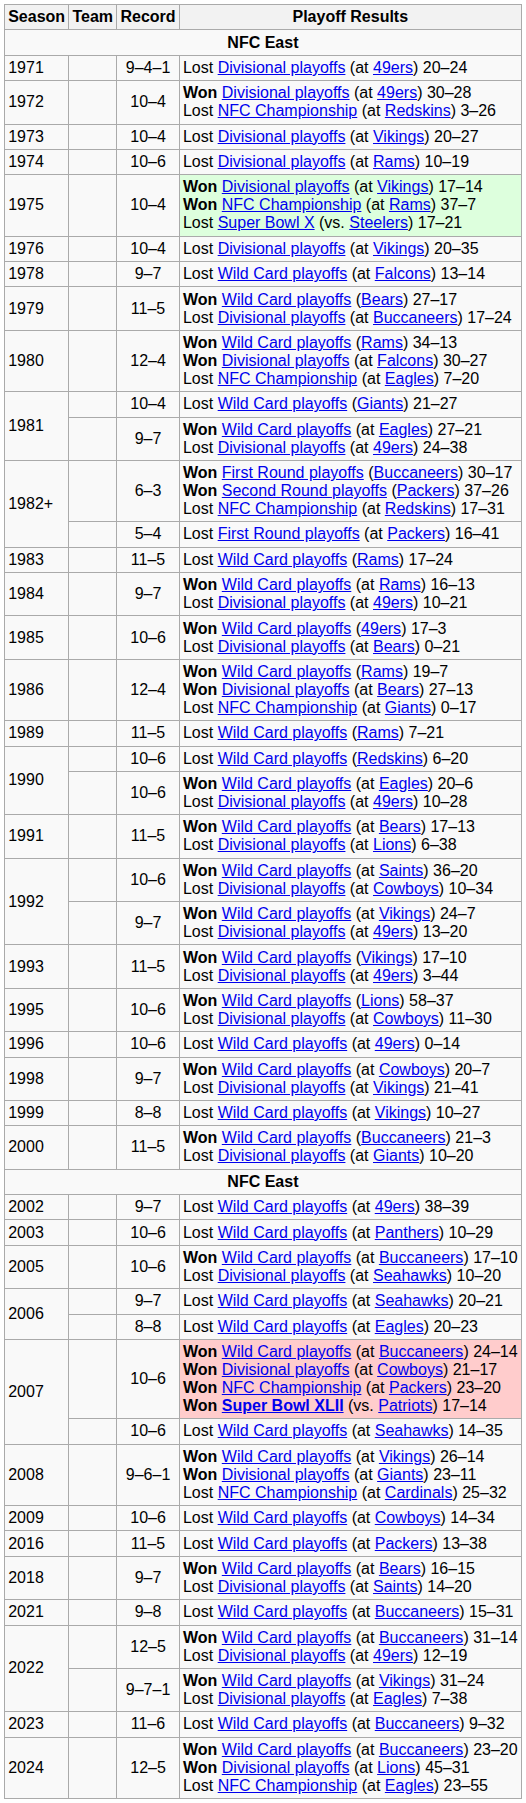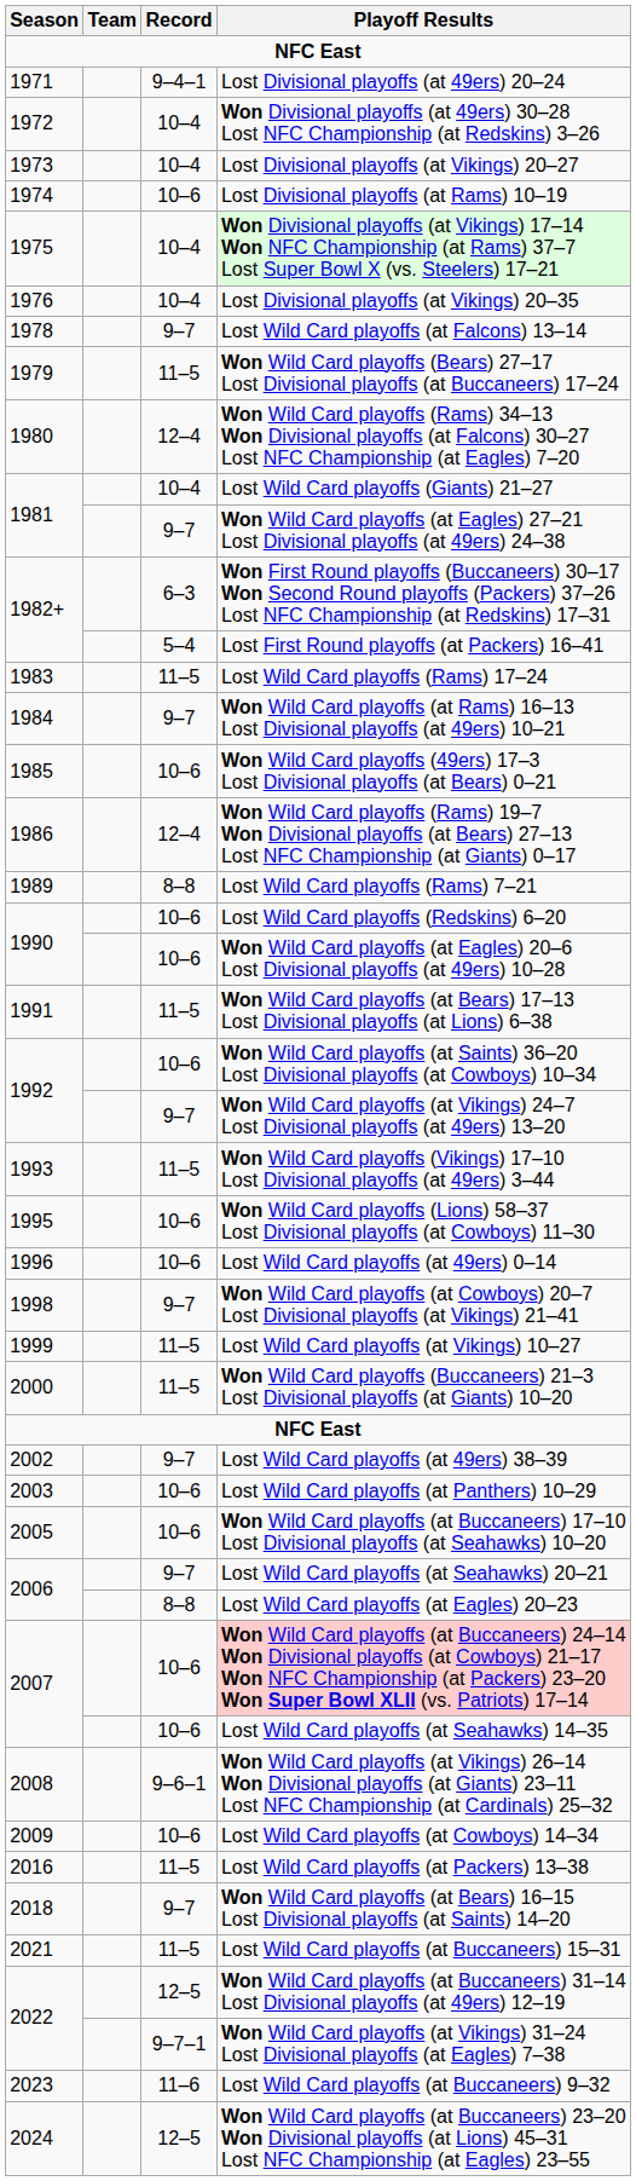 <table class="wikitable">
 <tr>
 <th>Season</th>
 <th>Team</th>
 <th>Record</th>
 <th>Playoff Results</th>
 </tr>
 <tr>
 <td colspan="4" align="center"><strong>NFC East</strong></td>
 </tr>
 <tr>
 <td>1971</td>
 <td><strong><a href='#'></a></strong></td>
 <td align="center">9–4–1</td>
 <td>Lost <a href='#'>Divisional playoffs</a> (at <a href='#'>49ers</a>) 20–24</td>
 </tr>
 <tr>
 <td>1972</td>
 <td><strong><a href='#'></a></strong></td>
 <td align="center">10–4</td>
 <td><strong>Won</strong> <a href='#'>Divisional playoffs</a> (at <a href='#'>49ers</a>) 30–28<br>Lost <a href='#'>NFC Championship</a> (at <a href='#'>Redskins</a>) 3–26</td>
 </tr>
 <tr>
 <td>1973</td>
 <td><strong><a href='#'></a></strong></td>
 <td align="center">10–4</td>
 <td>Lost <a href='#'>Divisional playoffs</a> (at <a href='#'>Vikings</a>) 20–27</td>
 </tr>
 <tr>
 <td>1974</td>
 <td><strong><a href='#'></a></strong></td>
 <td align="center">10–6</td>
 <td>Lost <a href='#'>Divisional playoffs</a> (at <a href='#'>Rams</a>) 10–19</td>
 </tr>
 <tr>
 <td>1975</td>
 <td><strong><a href='#'></a></strong></td>
 <td align="center">10–4</td>
 <td bgcolor="#DDFFDD"><strong>Won</strong> <a href='#'>Divisional playoffs</a> (at <a href='#'>Vikings</a>) 17–14<br><strong>Won</strong> <a href='#'>NFC Championship</a> (at <a href='#'>Rams</a>) 37–7<br>Lost <a href='#'>Super Bowl X</a> (vs. <a href='#'>Steelers</a>) 17–21</td>
 </tr>
 <tr>
 <td>1976</td>
 <td><strong><a href='#'></a></strong></td>
 <td align="center">10–4</td>
 <td>Lost <a href='#'>Divisional playoffs</a> (at <a href='#'>Vikings</a>) 20–35</td>
 </tr>
 <tr>
 <td>1978</td>
 <td><strong><a href='#'></a></strong></td>
 <td align="center">9–7</td>
 <td>Lost <a href='#'>Wild Card playoffs</a> (at <a href='#'>Falcons</a>) 13–14</td>
 </tr>
 <tr>
 <td>1979</td>
 <td><strong><a href='#'></a></strong></td>
 <td align="center">11–5</td>
 <td><strong>Won</strong> <a href='#'>Wild Card playoffs</a> (<a href='#'>Bears</a>) 27–17<br>Lost <a href='#'>Divisional playoffs</a> (at <a href='#'>Buccaneers</a>) 17–24</td>
 </tr>
 <tr>
 <td>1980</td>
 <td><strong><a href='#'></a></strong></td>
 <td align="center">12–4</td>
 <td><strong>Won</strong> <a href='#'>Wild Card playoffs</a> (<a href='#'>Rams</a>) 34–13<br><strong>Won</strong> <a href='#'>Divisional playoffs</a> (at <a href='#'>Falcons</a>) 30–27<br>Lost <a href='#'>NFC Championship</a> (at <a href='#'>Eagles</a>) 7–20</td>
 </tr>
 <tr>
 <td rowspan="2">1981</td>
 <td><strong><a href='#'></a></strong></td>
 <td align="center">10–4</td>
 <td>Lost <a href='#'>Wild Card playoffs</a> (<a href='#'>Giants</a>) 21–27</td>
 </tr>
 <tr>
 <td><strong><a href='#'></a></strong></td>
 <td align="center">9–7</td>
 <td><strong>Won</strong> <a href='#'>Wild Card playoffs</a> (at <a href='#'>Eagles</a>) 27–21<br>Lost <a href='#'>Divisional playoffs</a> (at <a href='#'>49ers</a>) 24–38</td>
 </tr>
 <tr>
 <td rowspan="2">1982+</td>
 <td><strong><a href='#'></a></strong></td>
 <td align="center">6–3</td>
 <td><strong>Won</strong> <a href='#'>First Round playoffs</a> (<a href='#'>Buccaneers</a>) 30–17<br><strong>Won</strong> <a href='#'>Second Round playoffs</a> (<a href='#'>Packers</a>) 37–26<br>Lost <a href='#'>NFC Championship</a> (at <a href='#'>Redskins</a>) 17–31</td>
 </tr>
 <tr>
 <td><strong><a href='#'></a></strong></td>
 <td align="center">5–4</td>
 <td>Lost <a href='#'>First Round playoffs</a> (at <a href='#'>Packers</a>) 16–41</td>
 </tr>
 <tr>
 <td>1983</td>
 <td><strong><a href='#'></a></strong></td>
 <td align="center">11–5</td>
 <td>Lost <a href='#'>Wild Card playoffs</a> (<a href='#'>Rams</a>) 17–24</td>
 </tr>
 <tr>
 <td>1984</td>
 <td><strong><a href='#'></a></strong></td>
 <td align="center">9–7</td>
 <td><strong>Won</strong> <a href='#'>Wild Card playoffs</a> (at <a href='#'>Rams</a>) 16–13<br> Lost <a href='#'>Divisional playoffs</a> (at <a href='#'>49ers</a>) 10–21</td>
 </tr>
 <tr>
 <td>1985</td>
 <td><strong><a href='#'></a></strong></td>
 <td align="center">10–6</td>
 <td><strong>Won</strong> <a href='#'>Wild Card playoffs</a> (<a href='#'>49ers</a>) 17–3<br> Lost <a href='#'>Divisional playoffs</a> (at <a href='#'>Bears</a>) 0–21</td>
 </tr>
 <tr>
 <td>1986</td>
 <td><strong><a href='#'></a></strong></td>
 <td align="center">12–4</td>
 <td><strong>Won</strong> <a href='#'>Wild Card playoffs</a> (<a href='#'>Rams</a>) 19–7<br><strong>Won</strong> <a href='#'>Divisional playoffs</a> (at <a href='#'>Bears</a>) 27–13<br>Lost <a href='#'>NFC Championship</a> (at <a href='#'>Giants</a>) 0–17</td>
 </tr>
 <tr>
 <td>1989</td>
 <td><strong><a href='#'></a></strong></td>
-<td align="center">11–5</td>
+<td align="center">8–8</td>
 <td>Lost <a href='#'>Wild Card playoffs</a> (<a href='#'>Rams</a>) 7–21</td>
 </tr>
 <tr>
 <td rowspan="2">1990</td>
 <td><strong><a href='#'></a></strong></td>
 <td align="center">10–6</td>
 <td>Lost <a href='#'>Wild Card playoffs</a> (<a href='#'>Redskins</a>) 6–20</td>
 </tr>
 <tr>
 <td><strong><a href='#'></a></strong></td>
 <td align="center">10–6</td>
 <td><strong>Won</strong> <a href='#'>Wild Card playoffs</a> (at <a href='#'>Eagles</a>) 20–6<br>Lost <a href='#'>Divisional playoffs</a> (at <a href='#'>49ers</a>) 10–28</td>
 </tr>
 <tr>
 <td>1991</td>
 <td><strong><a href='#'></a></strong></td>
 <td align="center">11–5</td>
 <td><strong>Won</strong> <a href='#'>Wild Card playoffs</a> (at <a href='#'>Bears</a>) 17–13<br>Lost <a href='#'>Divisional playoffs</a> (at <a href='#'>Lions</a>) 6–38</td>
 </tr>
 <tr>
 <td rowspan="2">1992</td>
 <td><strong><a href='#'></a></strong></td>
 <td align="center">10–6</td>
 <td><strong>Won</strong> <a href='#'>Wild Card playoffs</a> (at <a href='#'>Saints</a>) 36–20<br>Lost <a href='#'>Divisional playoffs</a> (at <a href='#'>Cowboys</a>) 10–34</td>
 </tr>
 <tr>
 <td><strong><a href='#'></a></strong></td>
 <td align="center">9–7</td>
 <td><strong>Won</strong> <a href='#'>Wild Card playoffs</a> (at <a href='#'>Vikings</a>) 24–7<br>Lost <a href='#'>Divisional playoffs</a> (at <a href='#'>49ers</a>) 13–20</td>
 </tr>
 <tr>
 <td>1993</td>
 <td><strong><a href='#'></a></strong></td>
 <td align="center">11–5</td>
 <td><strong>Won</strong> <a href='#'>Wild Card playoffs</a> (<a href='#'>Vikings</a>) 17–10<br>Lost <a href='#'>Divisional playoffs</a> (at <a href='#'>49ers</a>) 3–44</td>
 </tr>
 <tr>
 <td>1995</td>
 <td><strong><a href='#'></a></strong></td>
 <td align="center">10–6</td>
 <td><strong>Won</strong> <a href='#'>Wild Card playoffs</a> (<a href='#'>Lions</a>) 58–37<br>Lost <a href='#'>Divisional playoffs</a> (at <a href='#'>Cowboys</a>) 11–30</td>
 </tr>
 <tr>
 <td>1996</td>
 <td><strong><a href='#'></a></strong></td>
 <td align="center">10–6</td>
 <td>Lost <a href='#'>Wild Card playoffs</a> (at <a href='#'>49ers</a>) 0–14</td>
 </tr>
 <tr>
 <td>1998</td>
 <td><strong><a href='#'></a></strong></td>
 <td align="center">9–7</td>
 <td><strong>Won</strong> <a href='#'>Wild Card playoffs</a> (at <a href='#'>Cowboys</a>) 20–7<br>Lost <a href='#'>Divisional playoffs</a> (at <a href='#'>Vikings</a>) 21–41</td>
 </tr>
 <tr>
 <td>1999</td>
 <td><strong><a href='#'></a></strong></td>
-<td align="center">8–8</td>
+<td align="center">11–5</td>
 <td>Lost <a href='#'>Wild Card playoffs</a> (at <a href='#'>Vikings</a>) 10–27</td>
 </tr>
 <tr>
 <td>2000</td>
 <td><strong><a href='#'></a></strong></td>
 <td align="center">11–5</td>
 <td><strong>Won</strong> <a href='#'>Wild Card playoffs</a> (<a href='#'>Buccaneers</a>) 21–3<br>Lost <a href='#'>Divisional playoffs</a> (at <a href='#'>Giants</a>) 10–20</td>
 </tr>
 <tr>
 <td colspan="4" align="center"><strong>NFC East</strong></td>
 </tr>
 <tr>
 <td>2002</td>
 <td><strong><a href='#'></a></strong></td>
 <td align="center">9–7</td>
 <td>Lost <a href='#'>Wild Card playoffs</a> (at <a href='#'>49ers</a>) 38–39</td>
 </tr>
 <tr>
 <td>2003</td>
 <td><strong><a href='#'></a></strong></td>
 <td align="center">10–6</td>
 <td>Lost <a href='#'>Wild Card playoffs</a> (at <a href='#'>Panthers</a>) 10–29</td>
 </tr>
 <tr>
 <td>2005</td>
 <td><strong><a href='#'></a></strong></td>
 <td align="center">10–6</td>
 <td><strong>Won</strong> <a href='#'>Wild Card playoffs</a> (at <a href='#'>Buccaneers</a>) 17–10<br>Lost <a href='#'>Divisional playoffs</a> (at <a href='#'>Seahawks</a>) 10–20</td>
 </tr>
 <tr>
 <td rowspan="2">2006</td>
 <td><strong><a href='#'></a></strong></td>
 <td align="center">9–7</td>
 <td>Lost <a href='#'>Wild Card playoffs</a> (at <a href='#'>Seahawks</a>) 20–21</td>
 </tr>
 <tr>
 <td><strong><a href='#'></a></strong></td>
 <td align="center">8–8</td>
 <td>Lost <a href='#'>Wild Card playoffs</a> (at <a href='#'>Eagles</a>) 20–23</td>
 </tr>
 <tr>
 <td rowspan="2">2007</td>
 <td><strong><a href='#'></a></strong></td>
 <td align="center">10–6</td>
 <td style="background: #FFCCCC;" valign="top"><strong>Won</strong> <a href='#'>Wild Card playoffs</a> (at <a href='#'>Buccaneers</a>) 24–14<br><strong>Won</strong>  <a href='#'>Divisional playoffs</a> (at <a href='#'>Cowboys</a>) 21–17<br><strong>Won</strong>  <a href='#'>NFC Championship</a> (at <a href='#'>Packers</a>) 23–20 <br><strong>Won <a href='#'>Super Bowl XLII</a></strong> (vs. <a href='#'>Patriots</a>) 17–14</td>
 </tr>
 <tr>
 <td><strong><a href='#'></a></strong></td>
 <td align="center">10–6</td>
 <td>Lost <a href='#'>Wild Card playoffs</a> (at <a href='#'>Seahawks</a>) 14–35</td>
 </tr>
 <tr>
 <td>2008</td>
 <td><strong><a href='#'></a></strong></td>
 <td align="center">9–6–1</td>
 <td><strong>Won</strong> <a href='#'>Wild Card playoffs</a> (at <a href='#'>Vikings</a>) 26–14<br><strong>Won</strong> <a href='#'>Divisional playoffs</a> (at <a href='#'>Giants</a>) 23–11<br> Lost <a href='#'>NFC Championship</a> (at <a href='#'>Cardinals</a>) 25–32</td>
 </tr>
 <tr>
 <td>2009</td>
 <td><strong><a href='#'></a></strong></td>
 <td align="center">10–6</td>
 <td>Lost <a href='#'>Wild Card playoffs</a> (at <a href='#'>Cowboys</a>) 14–34</td>
 </tr>
 <tr>
 <td>2016</td>
 <td><strong><a href='#'></a></strong></td>
 <td align="center">11–5</td>
 <td>Lost <a href='#'>Wild Card playoffs</a> (at <a href='#'>Packers</a>) 13–38</td>
 </tr>
 <tr>
 <td>2018</td>
 <td><strong><a href='#'></a></strong></td>
 <td align="center">9–7</td>
 <td><strong>Won</strong> <a href='#'>Wild Card playoffs</a> (at <a href='#'>Bears</a>) 16–15<br>Lost <a href='#'>Divisional playoffs</a> (at <a href='#'>Saints</a>) 14–20</td>
 </tr>
 <tr>
 <td>2021</td>
 <td><strong><a href='#'></a></strong></td>
-<td align="center">9–8</td>
+<td align="center">11–5</td>
 <td>Lost <a href='#'>Wild Card playoffs</a> (at <a href='#'>Buccaneers</a>) 15–31</td>
 </tr>
 <tr>
 <td rowspan="2">2022</td>
 <td><strong><a href='#'></a></strong></td>
 <td align="center">12–5</td>
 <td><strong>Won</strong> <a href='#'>Wild Card playoffs</a> (at <a href='#'>Buccaneers</a>) 31–14 <br> Lost <a href='#'>Divisional playoffs</a> (at <a href='#'>49ers</a>) 12–19</td>
 </tr>
 <tr>
 <td><strong><a href='#'></a></strong></td>
 <td align="center">9–7–1</td>
 <td><strong>Won</strong> <a href='#'>Wild Card playoffs</a> (at <a href='#'>Vikings</a>) 31–24 <br> Lost <a href='#'>Divisional playoffs</a> (at <a href='#'>Eagles</a>) 7–38</td>
 </tr>
 <tr>
 <td>2023</td>
 <td><strong><a href='#'></a></strong></td>
 <td align="center">11–6</td>
 <td>Lost <a href='#'>Wild Card playoffs</a> (at <a href='#'>Buccaneers</a>) 9–32</td>
 </tr>
 <tr>
 <td>2024</td>
 <td><strong><a href='#'></a></strong></td>
 <td align="center">12–5</td>
 <td><strong>Won</strong> <a href='#'>Wild Card playoffs</a> (at <a href='#'>Buccaneers</a>) 23–20 <br> <strong>Won</strong> <a href='#'>Divisional playoffs</a> (at <a href='#'>Lions</a>) 45–31<br> Lost <a href='#'>NFC Championship</a> (at <a href='#'>Eagles</a>) 23–55</td>
 </tr>
 </table>
